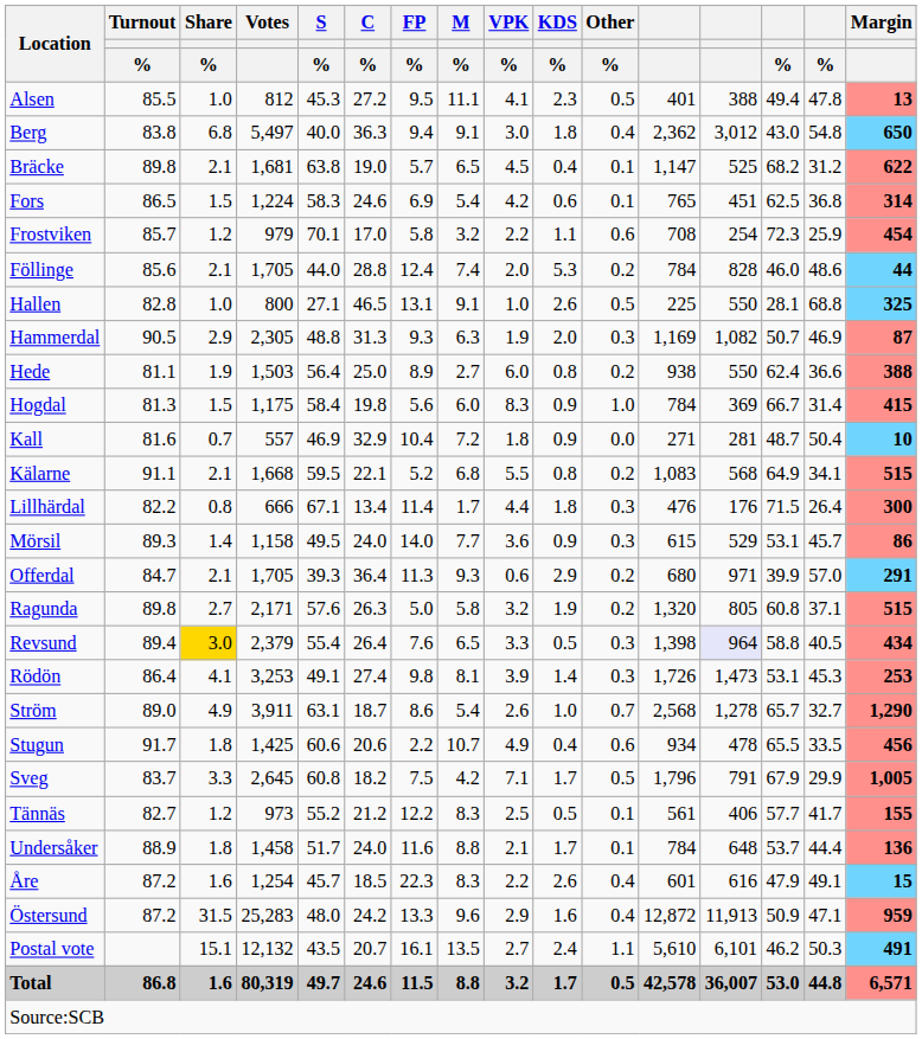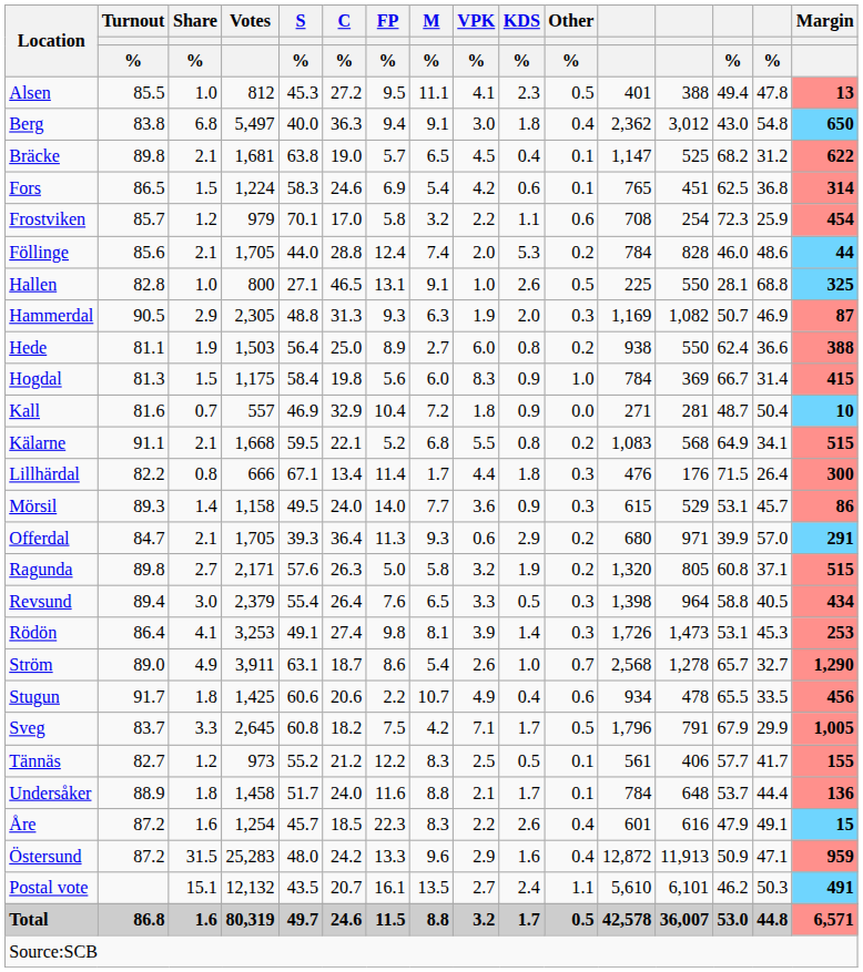 <table class="wikitable sortable" style="text-align:right; font-size:95%; line-height:20px;">
 <tr>
 <th rowspan="3">Location</th>
 <th>Turnout</th>
 <th>Share</th>
 <th>Votes</th>
 <th width="30px" class="unsortable"><a href='#'>S</a></th>
 <th width="30px" class="unsortable"><a href='#'>C</a></th>
 <th width="30px" class="unsortable"><a href='#'>FP</a></th>
 <th width="30px" class="unsortable"><a href='#'>M</a></th>
 <th width="30px" class="unsortable"><a href='#'>VPK</a></th>
 <th width="30px" class="unsortable"><a href='#'>KDS</a></th>
 <th width="30px" class="unsortable">Other</th>
 <th></th>
 <th></th>
 <th></th>
 <th></th>
 <th>Margin</th>
 </tr>
 <tr>
 <th></th>
 <th></th>
 <th></th>
 <th style="background:"></th>
 <th style="background:"></th>
 <th style="background:"></th>
 <th style="background:"></th>
 <th style="background:"></th>
 <th style="background:"></th>
 <th style="background:"></th>
 <th style="background:"></th>
 <th style="background:"></th>
 <th style="background:"></th>
 <th style="background:"></th>
 <th></th>
 </tr>
 <tr>
 <th data-sort-type="number">%</th>
 <th data-sort-type="number">%</th>
 <th></th>
 <th data-sort-type="number">%</th>
 <th data-sort-type="number">%</th>
 <th data-sort-type="number">%</th>
 <th data-sort-type="number">%</th>
 <th data-sort-type="number">%</th>
 <th data-sort-type="number">%</th>
 <th data-sort-type="number">%</th>
 <th data-sort-type="number"></th>
 <th data-sort-type="number"></th>
 <th data-sort-type="number">%</th>
 <th data-sort-type="number">%</th>
 <th data-sort-type="number"></th>
 </tr>
 <tr>
 <td align=left><a href='#'>Alsen</a></td>
 <td>85.5</td>
 <td>1.0</td>
 <td>812</td>
 <td>45.3</td>
 <td>27.2</td>
 <td>9.5</td>
 <td>11.1</td>
 <td>4.1</td>
 <td>2.3</td>
 <td>0.5</td>
 <td>401</td>
 <td>388</td>
 <td>49.4</td>
 <td>47.8</td>
 <td bgcolor=#ff908c><strong>13</strong></td>
 </tr>
 <tr>
 <td align=left><a href='#'>Berg</a></td>
 <td>83.8</td>
 <td>6.8</td>
 <td>5,497</td>
 <td>40.0</td>
 <td>36.3</td>
 <td>9.4</td>
 <td>9.1</td>
 <td>3.0</td>
 <td>1.8</td>
 <td>0.4</td>
 <td>2,362</td>
 <td>3,012</td>
 <td>43.0</td>
 <td>54.8</td>
 <td bgcolor=#6fd5fe><strong>650</strong></td>
 </tr>
 <tr>
 <td align=left><a href='#'>Bräcke</a></td>
 <td>89.8</td>
 <td>2.1</td>
 <td>1,681</td>
 <td>63.8</td>
 <td>19.0</td>
 <td>5.7</td>
 <td>6.5</td>
 <td>4.5</td>
 <td>0.4</td>
 <td>0.1</td>
 <td>1,147</td>
 <td>525</td>
 <td>68.2</td>
 <td>31.2</td>
 <td bgcolor=#ff908c><strong>622</strong></td>
 </tr>
 <tr>
 <td align=left><a href='#'>Fors</a></td>
 <td>86.5</td>
 <td>1.5</td>
 <td>1,224</td>
 <td>58.3</td>
 <td>24.6</td>
 <td>6.9</td>
 <td>5.4</td>
 <td>4.2</td>
 <td>0.6</td>
 <td>0.1</td>
 <td>765</td>
 <td>451</td>
 <td>62.5</td>
 <td>36.8</td>
 <td bgcolor=#ff908c><strong>314</strong></td>
 </tr>
 <tr>
 <td align=left><a href='#'>Frostviken</a></td>
 <td>85.7</td>
 <td>1.2</td>
 <td>979</td>
 <td>70.1</td>
 <td>17.0</td>
 <td>5.8</td>
 <td>3.2</td>
 <td>2.2</td>
 <td>1.1</td>
 <td>0.6</td>
 <td>708</td>
 <td>254</td>
 <td>72.3</td>
 <td>25.9</td>
 <td bgcolor=#ff908c><strong>454</strong></td>
 </tr>
 <tr>
 <td align=left><a href='#'>Föllinge</a></td>
 <td>85.6</td>
 <td>2.1</td>
 <td>1,705</td>
 <td>44.0</td>
 <td>28.8</td>
 <td>12.4</td>
 <td>7.4</td>
 <td>2.0</td>
 <td>5.3</td>
 <td>0.2</td>
 <td>784</td>
 <td>828</td>
 <td>46.0</td>
 <td>48.6</td>
 <td bgcolor=#6fd5fe><strong>44</strong></td>
 </tr>
 <tr>
 <td align=left><a href='#'>Hallen</a></td>
 <td>82.8</td>
 <td>1.0</td>
 <td>800</td>
 <td>27.1</td>
 <td>46.5</td>
 <td>13.1</td>
 <td>9.1</td>
 <td>1.0</td>
 <td>2.6</td>
 <td>0.5</td>
 <td>225</td>
 <td>550</td>
 <td>28.1</td>
 <td>68.8</td>
 <td bgcolor=#6fd5fe><strong>325</strong></td>
 </tr>
 <tr>
 <td align=left><a href='#'>Hammerdal</a></td>
 <td>90.5</td>
 <td>2.9</td>
 <td>2,305</td>
 <td>48.8</td>
 <td>31.3</td>
 <td>9.3</td>
 <td>6.3</td>
 <td>1.9</td>
 <td>2.0</td>
 <td>0.3</td>
 <td>1,169</td>
 <td>1,082</td>
 <td>50.7</td>
 <td>46.9</td>
 <td bgcolor=#ff908c><strong>87</strong></td>
 </tr>
 <tr>
 <td align=left><a href='#'>Hede</a></td>
 <td>81.1</td>
 <td>1.9</td>
 <td>1,503</td>
 <td>56.4</td>
 <td>25.0</td>
 <td>8.9</td>
 <td>2.7</td>
 <td>6.0</td>
 <td>0.8</td>
 <td>0.2</td>
 <td>938</td>
 <td>550</td>
 <td>62.4</td>
 <td>36.6</td>
 <td bgcolor=#ff908c><strong>388</strong></td>
 </tr>
 <tr>
 <td align=left><a href='#'>Hogdal</a></td>
 <td>81.3</td>
 <td>1.5</td>
 <td>1,175</td>
 <td>58.4</td>
 <td>19.8</td>
 <td>5.6</td>
 <td>6.0</td>
 <td>8.3</td>
 <td>0.9</td>
 <td>1.0</td>
 <td>784</td>
 <td>369</td>
 <td>66.7</td>
 <td>31.4</td>
 <td bgcolor=#ff908c><strong>415</strong></td>
 </tr>
 <tr>
 <td align=left><a href='#'>Kall</a></td>
 <td>81.6</td>
 <td>0.7</td>
 <td>557</td>
 <td>46.9</td>
 <td>32.9</td>
 <td>10.4</td>
 <td>7.2</td>
 <td>1.8</td>
 <td>0.9</td>
 <td>0.0</td>
 <td>271</td>
 <td>281</td>
 <td>48.7</td>
 <td>50.4</td>
 <td bgcolor=#6fd5fe><strong>10</strong></td>
 </tr>
 <tr>
 <td align=left><a href='#'>Kälarne</a></td>
 <td>91.1</td>
 <td>2.1</td>
 <td>1,668</td>
 <td>59.5</td>
 <td>22.1</td>
 <td>5.2</td>
 <td>6.8</td>
 <td>5.5</td>
 <td>0.8</td>
 <td>0.2</td>
 <td>1,083</td>
 <td>568</td>
 <td>64.9</td>
 <td>34.1</td>
 <td bgcolor=#ff908c><strong>515</strong></td>
 </tr>
 <tr>
 <td align=left><a href='#'>Lillhärdal</a></td>
 <td>82.2</td>
 <td>0.8</td>
 <td>666</td>
 <td>67.1</td>
 <td>13.4</td>
 <td>11.4</td>
 <td>1.7</td>
 <td>4.4</td>
 <td>1.8</td>
 <td>0.3</td>
 <td>476</td>
 <td>176</td>
 <td>71.5</td>
 <td>26.4</td>
 <td bgcolor=#ff908c><strong>300</strong></td>
 </tr>
 <tr>
 <td align=left><a href='#'>Mörsil</a></td>
 <td>89.3</td>
 <td>1.4</td>
 <td>1,158</td>
 <td>49.5</td>
 <td>24.0</td>
 <td>14.0</td>
 <td>7.7</td>
 <td>3.6</td>
 <td>0.9</td>
 <td>0.3</td>
 <td>615</td>
 <td>529</td>
 <td>53.1</td>
 <td>45.7</td>
 <td bgcolor=#ff908c><strong>86</strong></td>
 </tr>
 <tr>
 <td align=left><a href='#'>Offerdal</a></td>
 <td>84.7</td>
 <td>2.1</td>
 <td>1,705</td>
 <td>39.3</td>
 <td>36.4</td>
 <td>11.3</td>
 <td>9.3</td>
 <td>0.6</td>
 <td>2.9</td>
 <td>0.2</td>
 <td>680</td>
 <td>971</td>
 <td>39.9</td>
 <td>57.0</td>
 <td bgcolor=#6fd5fe><strong>291</strong></td>
 </tr>
 <tr>
 <td align=left><a href='#'>Ragunda</a></td>
 <td>89.8</td>
 <td>2.7</td>
 <td>2,171</td>
 <td>57.6</td>
 <td>26.3</td>
 <td>5.0</td>
 <td>5.8</td>
 <td>3.2</td>
 <td>1.9</td>
 <td>0.2</td>
 <td>1,320</td>
 <td>805</td>
 <td>60.8</td>
 <td>37.1</td>
 <td bgcolor=#ff908c><strong>515</strong></td>
 </tr>
 <tr>
 <td align=left><a href='#'>Revsund</a></td>
 <td>89.4</td>
-<td style="background: gold;">3.0</td>
+<td>3.0</td>
 <td>2,379</td>
 <td>55.4</td>
 <td>26.4</td>
 <td>7.6</td>
 <td>6.5</td>
 <td>3.3</td>
 <td>0.5</td>
 <td>0.3</td>
 <td>1,398</td>
-<td style="background: lavender;">964</td>
+<td>964</td>
 <td>58.8</td>
 <td>40.5</td>
 <td bgcolor=#ff908c><strong>434</strong></td>
 </tr>
 <tr>
 <td align=left><a href='#'>Rödön</a></td>
 <td>86.4</td>
 <td>4.1</td>
 <td>3,253</td>
 <td>49.1</td>
 <td>27.4</td>
 <td>9.8</td>
 <td>8.1</td>
 <td>3.9</td>
 <td>1.4</td>
 <td>0.3</td>
 <td>1,726</td>
 <td>1,473</td>
 <td>53.1</td>
 <td>45.3</td>
 <td bgcolor=#ff908c><strong>253</strong></td>
 </tr>
 <tr>
 <td align=left><a href='#'>Ström</a></td>
 <td>89.0</td>
 <td>4.9</td>
 <td>3,911</td>
 <td>63.1</td>
 <td>18.7</td>
 <td>8.6</td>
 <td>5.4</td>
 <td>2.6</td>
 <td>1.0</td>
 <td>0.7</td>
 <td>2,568</td>
 <td>1,278</td>
 <td>65.7</td>
 <td>32.7</td>
 <td bgcolor=#ff908c><strong>1,290</strong></td>
 </tr>
 <tr>
 <td align=left><a href='#'>Stugun</a></td>
 <td>91.7</td>
 <td>1.8</td>
 <td>1,425</td>
 <td>60.6</td>
 <td>20.6</td>
 <td>2.2</td>
 <td>10.7</td>
 <td>4.9</td>
 <td>0.4</td>
 <td>0.6</td>
 <td>934</td>
 <td>478</td>
 <td>65.5</td>
 <td>33.5</td>
 <td bgcolor=#ff908c><strong>456</strong></td>
 </tr>
 <tr>
 <td align=left><a href='#'>Sveg</a></td>
 <td>83.7</td>
 <td>3.3</td>
 <td>2,645</td>
 <td>60.8</td>
 <td>18.2</td>
 <td>7.5</td>
 <td>4.2</td>
 <td>7.1</td>
 <td>1.7</td>
 <td>0.5</td>
 <td>1,796</td>
 <td>791</td>
 <td>67.9</td>
 <td>29.9</td>
 <td bgcolor=#ff908c><strong>1,005</strong></td>
 </tr>
 <tr>
 <td align=left><a href='#'>Tännäs</a></td>
 <td>82.7</td>
 <td>1.2</td>
 <td>973</td>
 <td>55.2</td>
 <td>21.2</td>
 <td>12.2</td>
 <td>8.3</td>
 <td>2.5</td>
 <td>0.5</td>
 <td>0.1</td>
 <td>561</td>
 <td>406</td>
 <td>57.7</td>
 <td>41.7</td>
 <td bgcolor=#ff908c><strong>155</strong></td>
 </tr>
 <tr>
 <td align=left><a href='#'>Undersåker</a></td>
 <td>88.9</td>
 <td>1.8</td>
 <td>1,458</td>
 <td>51.7</td>
 <td>24.0</td>
 <td>11.6</td>
 <td>8.8</td>
 <td>2.1</td>
 <td>1.7</td>
 <td>0.1</td>
 <td>784</td>
 <td>648</td>
 <td>53.7</td>
 <td>44.4</td>
 <td bgcolor=#ff908c><strong>136</strong></td>
 </tr>
 <tr>
 <td align=left><a href='#'>Åre</a></td>
 <td>87.2</td>
 <td>1.6</td>
 <td>1,254</td>
 <td>45.7</td>
 <td>18.5</td>
 <td>22.3</td>
 <td>8.3</td>
 <td>2.2</td>
 <td>2.6</td>
 <td>0.4</td>
 <td>601</td>
 <td>616</td>
 <td>47.9</td>
 <td>49.1</td>
 <td bgcolor=#6fd5fe><strong>15</strong></td>
 </tr>
 <tr>
 <td align=left><a href='#'>Östersund</a></td>
 <td>87.2</td>
 <td>31.5</td>
 <td>25,283</td>
 <td>48.0</td>
 <td>24.2</td>
 <td>13.3</td>
 <td>9.6</td>
 <td>2.9</td>
 <td>1.6</td>
 <td>0.4</td>
 <td>12,872</td>
 <td>11,913</td>
 <td>50.9</td>
 <td>47.1</td>
 <td bgcolor=#ff908c><strong>959</strong></td>
 </tr>
 <tr>
 <td align=left><a href='#'>Postal vote</a></td>
 <td></td>
 <td>15.1</td>
 <td>12,132</td>
 <td>43.5</td>
 <td>20.7</td>
 <td>16.1</td>
 <td>13.5</td>
 <td>2.7</td>
 <td>2.4</td>
 <td>1.1</td>
 <td>5,610</td>
 <td>6,101</td>
 <td>46.2</td>
 <td>50.3</td>
 <td bgcolor=#6fd5fe><strong>491</strong></td>
 </tr>
 <tr>
 </tr>
 <tr style="background:#CDCDCD;">
 <td align=left><strong>Total</strong></td>
 <td><strong>86.8</strong></td>
 <td><strong>1.6</strong></td>
 <td><strong>80,319</strong></td>
 <td><strong>49.7</strong></td>
 <td><strong>24.6</strong></td>
 <td><strong>11.5</strong></td>
 <td><strong>8.8</strong></td>
 <td><strong>3.2</strong></td>
 <td><strong>1.7</strong></td>
 <td><strong>0.5</strong></td>
 <td><strong>42,578</strong></td>
 <td><strong>36,007</strong></td>
 <td><strong>53.0</strong></td>
 <td><strong>44.8</strong></td>
 <td bgcolor=#ff908c><strong>6,571</strong></td>
 </tr>
 <tr>
 <td align=left colspan=16>Source:SCB </td>
 </tr>
 </table>
